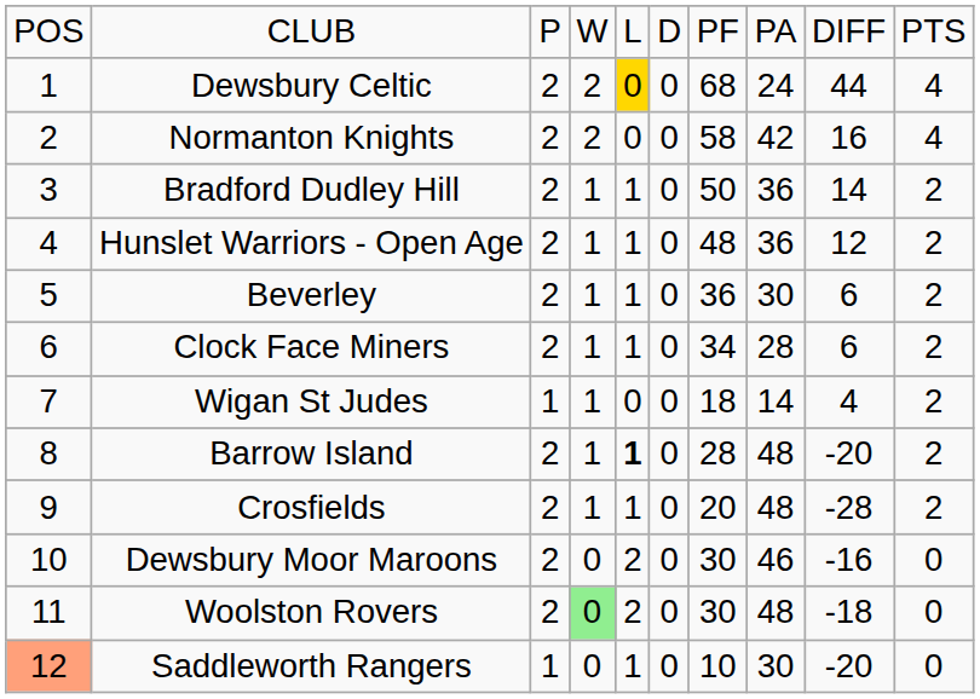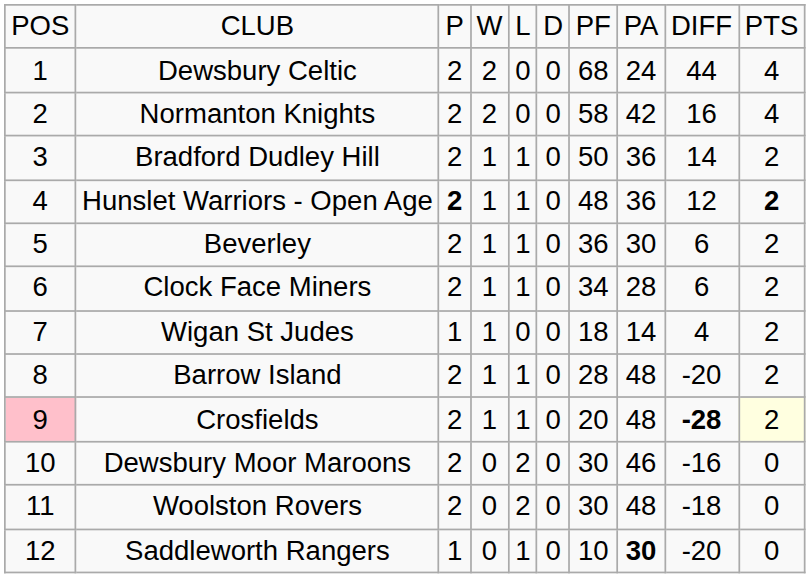 <table class="wikitable" style="text-align: center;">
 <tr>
 <td>POS</td>
 <td>CLUB</td>
 <td>P</td>
 <td>W</td>
 <td>L</td>
 <td>D</td>
 <td>PF</td>
 <td>PA</td>
 <td>DIFF</td>
 <td>PTS</td>
 </tr>
 <tr>
 <td>1</td>
 <td>Dewsbury Celtic</td>
 <td>2</td>
 <td>2</td>
-<td style="background: gold;">0</td>
+<td>0</td>
 <td>0</td>
 <td>68</td>
 <td>24</td>
 <td>44</td>
 <td>4</td>
 </tr>
 <tr>
 <td>2</td>
 <td>Normanton Knights</td>
 <td>2</td>
 <td>2</td>
 <td>0</td>
 <td>0</td>
 <td>58</td>
 <td>42</td>
 <td>16</td>
 <td>4</td>
 </tr>
 <tr>
 <td>3</td>
 <td>Bradford Dudley Hill</td>
 <td>2</td>
 <td>1</td>
 <td>1</td>
 <td>0</td>
 <td>50</td>
 <td>36</td>
 <td>14</td>
 <td>2</td>
 </tr>
 <tr>
 <td>4</td>
 <td>Hunslet Warriors - Open Age</td>
-<td>2</td>
+<td><strong>2</strong></td>
 <td>1</td>
 <td>1</td>
 <td>0</td>
 <td>48</td>
 <td>36</td>
 <td>12</td>
-<td>2</td>
+<td><strong>2</strong></td>
 </tr>
 <tr>
 <td>5</td>
 <td>Beverley</td>
 <td>2</td>
 <td>1</td>
 <td>1</td>
 <td>0</td>
 <td>36</td>
 <td>30</td>
 <td>6</td>
 <td>2</td>
 </tr>
 <tr>
 <td>6</td>
 <td>Clock Face Miners</td>
 <td>2</td>
 <td>1</td>
 <td>1</td>
 <td>0</td>
 <td>34</td>
 <td>28</td>
 <td>6</td>
 <td>2</td>
 </tr>
 <tr>
 <td>7</td>
 <td>Wigan St Judes</td>
 <td>1</td>
 <td>1</td>
 <td>0</td>
 <td>0</td>
 <td>18</td>
 <td>14</td>
 <td>4</td>
 <td>2</td>
 </tr>
 <tr>
 <td>8</td>
 <td>Barrow Island</td>
 <td>2</td>
 <td>1</td>
-<td><strong>1</strong></td>
+<td>1</td>
 <td>0</td>
 <td>28</td>
 <td>48</td>
 <td>-20</td>
 <td>2</td>
 </tr>
 <tr>
-<td>9</td>
+<td style="background: pink;">9</td>
 <td>Crosfields</td>
 <td>2</td>
 <td>1</td>
 <td>1</td>
 <td>0</td>
 <td>20</td>
 <td>48</td>
-<td>-28</td>
-<td>2</td>
+<td><strong>-28</strong></td>
+<td style="background: lightyellow;">2</td>
 </tr>
 <tr>
 <td>10</td>
 <td>Dewsbury Moor Maroons</td>
 <td>2</td>
 <td>0</td>
 <td>2</td>
 <td>0</td>
 <td>30</td>
 <td>46</td>
 <td>-16</td>
 <td>0</td>
 </tr>
 <tr>
 <td>11</td>
 <td>Woolston Rovers</td>
 <td>2</td>
-<td style="background: lightgreen;">0</td>
+<td>0</td>
 <td>2</td>
 <td>0</td>
 <td>30</td>
 <td>48</td>
 <td>-18</td>
 <td>0</td>
 </tr>
 <tr>
-<td style="background: lightsalmon;">12</td>
+<td>12</td>
 <td>Saddleworth Rangers</td>
 <td>1</td>
 <td>0</td>
 <td>1</td>
 <td>0</td>
 <td>10</td>
-<td>30</td>
+<td><strong>30</strong></td>
 <td>-20</td>
 <td>0</td>
 </tr>
 </table>
